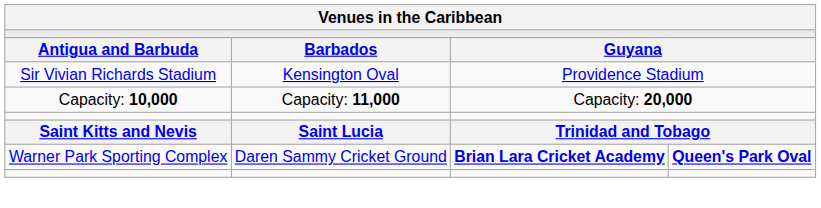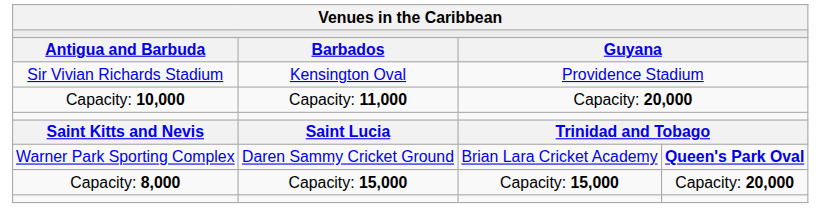 <table class="wikitable" style="text-align:center;margin:auto;font-size:90%;">
 <tr>
 <th colspan="4">Venues in the Caribbean</th>
 </tr>
 <tr>
 <td colspan="4" style="background:#ececec;color:#2C2C2C;vertical-align:middle;text-align: center;"></td>
 </tr>
 <tr>
 <th><a href='#'>Antigua and Barbuda</a></th>
 <th><a href='#'>Barbados</a></th>
 <th colspan="2"><a href='#'>Guyana</a></th>
 </tr>
 <tr>
 <td><a href='#'>Sir Vivian Richards Stadium</a></td>
 <td><a href='#'>Kensington Oval</a></td>
 <td colspan="2"><a href='#'>Providence Stadium</a></td>
 </tr>
 <tr>
 <td>Capacity: <strong>10,000</strong></td>
 <td>Capacity: <strong>11,000</strong></td>
 <td colspan="2">Capacity: <strong>20,000</strong></td>
 </tr>
 <tr>
 <td></td>
 <td></td>
 <td colspan="2"></td>
 </tr>
 <tr>
 <th><a href='#'>Saint Kitts and Nevis</a></th>
 <th><a href='#'>Saint Lucia</a></th>
 <th colspan="2"><a href='#'>Trinidad and Tobago</a></th>
 </tr>
 <tr>
 <td><a href='#'>Warner Park Sporting Complex</a></td>
 <td><a href='#'>Daren Sammy Cricket Ground</a></td>
-<td><strong><a href='#'>Brian Lara Cricket Academy</a></strong></td>
+<td><a href='#'>Brian Lara Cricket Academy</a></td>
 <td><strong><a href='#'>Queen's Park Oval</a></strong></td>
+</tr>
+<tr>
+<td>Capacity: <strong>8,000</strong></td>
+<td>Capacity: <strong>15,000</strong></td>
+<td>Capacity: <strong>15,000</strong></td>
+<td>Capacity: <strong>20,000</strong></td>
 </tr>
 <tr>
 <td></td>
 <td></td>
 <td></td>
 <td></td>
 </tr>
 </table>
